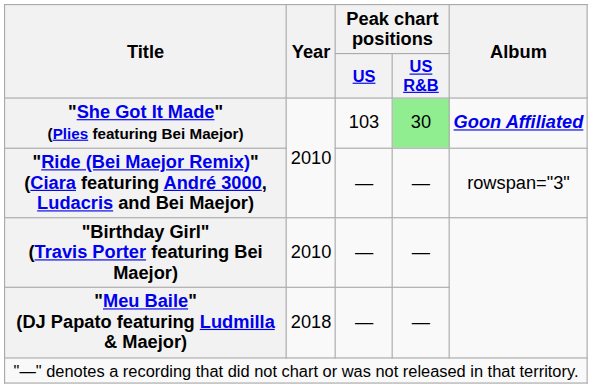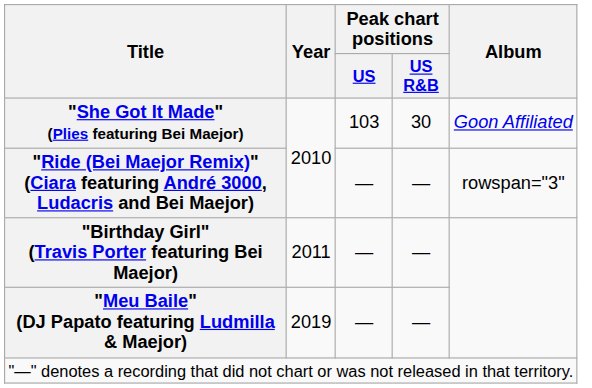 <table class="wikitable plainrowheaders" style="text-align:center">
 <tr>
 <th scope="col" rowspan="2" style="width:15em;">Title</th>
 <th scope="col" rowspan="2">Year</th>
 <th scope="col" colspan="2">Peak chart positions</th>
 <th scope="col" rowspan="2">Album</th>
 </tr>
 <tr>
 <th scope="col" style="width:3em;font-size:90%;"><a href='#'>US</a></th>
 <th scope="col" style="width:3em;font-size:90%;"><a href='#'>US R&B</a><br></th>
 </tr>
 <tr>
 <th scope="row">"<a href='#'>She Got It Made</a>"<br><small>(<a href='#'>Plies</a> featuring Bei Maejor)</small></th>
 <td rowspan="2">2010</td>
 <td>103</td>
-<td style="background: lightgreen;">30</td>
-<td><strong><em><a href='#'>Goon Affiliated</a></em></strong></td>
+<td>30</td>
+<td><em><a href='#'>Goon Affiliated</a></em></td>
 </tr>
 <tr>
 <th scope="row">"<a href='#'>Ride (Bei Maejor Remix)</a>"<br><span>(<a href='#'>Ciara</a> featuring <a href='#'>André 3000</a>, <a href='#'>Ludacris</a> and Bei Maejor)</span></th>
 <td>—</td>
 <td>—</td>
 <td>rowspan="3" </td>
 </tr>
 <tr>
 <th scope="row">"Birthday Girl"<br><span>(<a href='#'>Travis Porter</a> featuring Bei Maejor)</span></th>
-<td>2010</td>
+<td>2011</td>
 <td>—</td>
 <td>—</td>
 </tr>
 <tr>
 <th scope="row">"<a href='#'>Meu Baile</a>"<br><span>(DJ Papato featuring <a href='#'>Ludmilla</a> & Maejor)</span></th>
-<td>2018</td>
+<td>2019</td>
 <td>—</td>
 <td>—</td>
 </tr>
 <tr>
 <td colspan="14" style="font-size:90%">"—" denotes a recording that did not chart or was not released in that territory.</td>
 </tr>
 </table>
